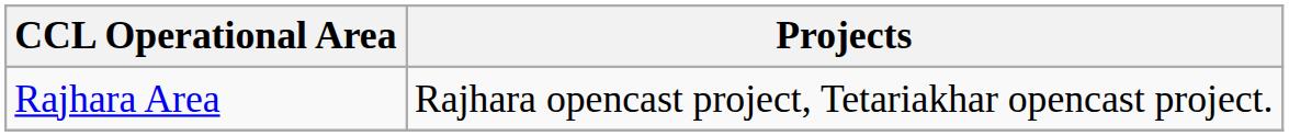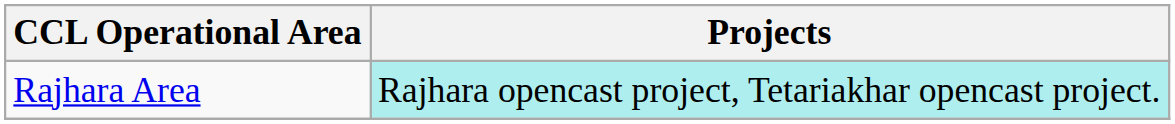 <table class="wikitable">
 <tr>
 <th>CCL Operational Area</th>
 <th>Projects</th>
 </tr>
 <tr>
 <td><a href='#'>Rajhara Area</a></td>
-<td>Rajhara opencast project, Tetariakhar opencast project.</td>
+<td style="background: paleturquoise;">Rajhara opencast project, Tetariakhar opencast project.</td>
 </tr>
 <tr>
 </tr>
 </table>
